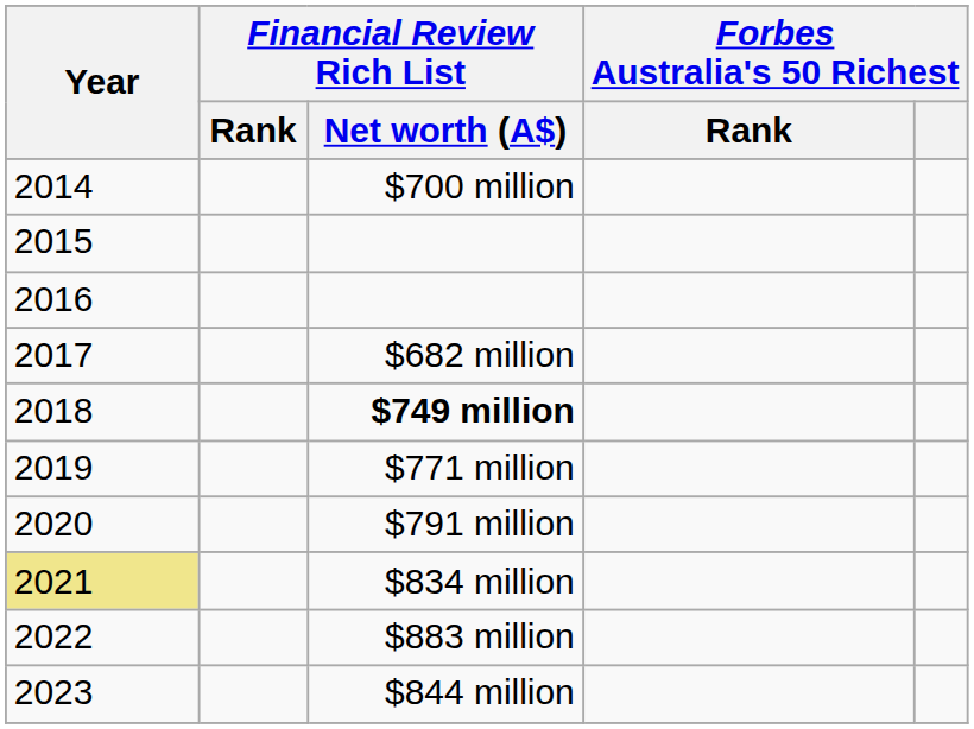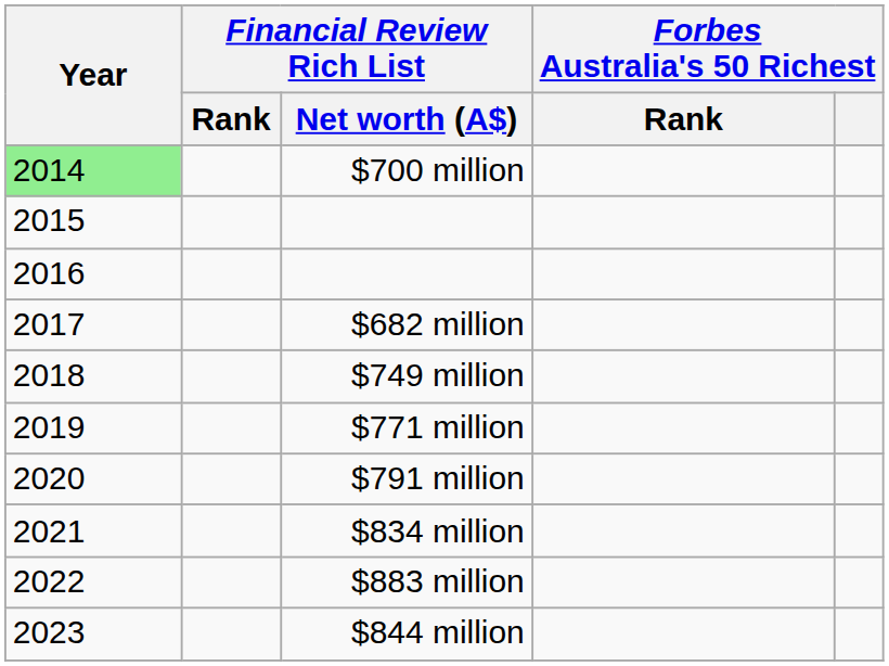 <table class="wikitable">
 <tr>
 <th rowspan=2>Year</th>
 <th colspan=2 width=40%><em><a href='#'>Financial Review</a></em><br><a href='#'>Rich List</a></th>
 <th colspan=2 width=40%><em><a href='#'>Forbes</a></em><br><a href='#'>Australia's 50 Richest</a></th>
 </tr>
 <tr>
 <th>Rank</th>
 <th><a href='#'>Net worth</a> (<a href='#'>A$</a>)</th>
 <th>Rank</th>
 <th></th>
 </tr>
 <tr>
-<td>2014</td>
+<td style="background: lightgreen;">2014</td>
 <td align="center"></td>
 <td align="right">$700 million</td>
 <td align="center"></td>
 <td align="right"></td>
 </tr>
 <tr>
 <td>2015</td>
 <td align="center"></td>
 <td align="right"></td>
 <td align="center"></td>
 <td align="right"></td>
 </tr>
 <tr>
 <td>2016</td>
 <td align="center"></td>
 <td align="right"></td>
 <td align="center"></td>
 <td align="right"></td>
 </tr>
 <tr>
 <td>2017</td>
 <td align="center"></td>
 <td align="right">$682 million</td>
 <td align="center"></td>
 <td align="right"></td>
 </tr>
 <tr>
 <td>2018</td>
 <td align="center"></td>
-<td align="right"><strong>$749 million </strong></td>
+<td align="right">$749 million </td>
 <td align="center"></td>
 <td align="right"></td>
 </tr>
 <tr>
 <td>2019</td>
 <td align="center"></td>
 <td align="right">$771 million </td>
 <td align="center"></td>
 <td align="right"></td>
 </tr>
 <tr>
 <td>2020</td>
 <td align="center"></td>
 <td align="right">$791 million </td>
 <td align="center"></td>
 <td align="right"></td>
 </tr>
 <tr>
-<td style="background: khaki;">2021</td>
+<td>2021</td>
 <td align="center"></td>
 <td align="right">$834 million </td>
 <td align="center"></td>
 <td align="right"></td>
 </tr>
 <tr>
 <td>2022</td>
 <td align="center"></td>
 <td align="right">$883 million </td>
 <td align="center"></td>
 <td align="right"></td>
 </tr>
 <tr>
 <td>2023</td>
 <td align="center"></td>
 <td align="right">$844 million </td>
 <td align="center"></td>
 <td align="right"></td>
 </tr>
 </table>
